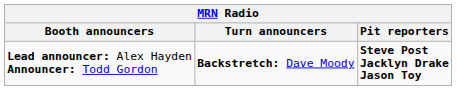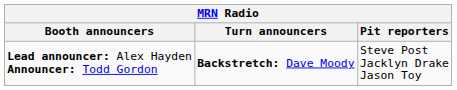 <table class="wikitable" style="font-size: 95%;">
 <tr>
 <th colspan="3"><a href='#'>MRN</a> Radio</th>
 </tr>
 <tr>
 <th>Booth announcers</th>
 <th>Turn announcers</th>
 <th>Pit reporters</th>
 </tr>
 <tr>
 <td><strong>Lead announcer:</strong> Alex Hayden<br><strong>Announcer:</strong> <a href='#'>Todd Gordon</a></td>
 <td><strong>Backstretch:</strong> <a href='#'>Dave Moody</a></td>
-<td><strong>Steve Post<br>Jacklyn Drake<br>Jason Toy</strong></td>
+<td>Steve Post<br>Jacklyn Drake<br>Jason Toy</td>
 </tr>
 </table>
